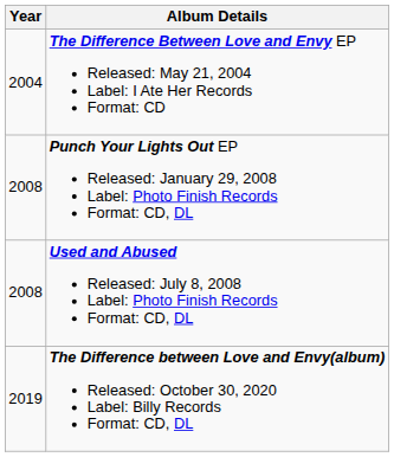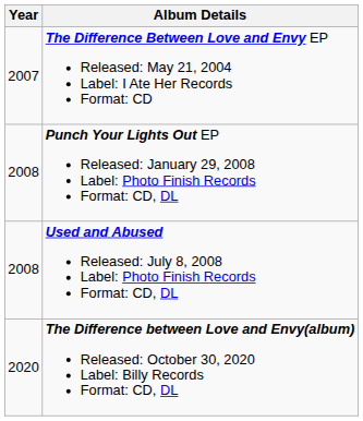 <table class="wikitable">
 <tr>
 <th>Year</th>
 <th>Album Details</th>
 </tr>
 <tr>
-<td>2004</td>
+<td>2007</td>
 <td><strong><em><a href='#'>The Difference Between Love and Envy</a></em></strong> EP<br><ul><li>Released: May 21, 2004</li><li>Label: I Ate Her Records</li><li>Format: CD</li></ul></td>
 </tr>
 <tr>
 <td>2008</td>
 <td><strong><em>Punch Your Lights Out</em></strong> EP<br><ul><li>Released: January 29, 2008</li><li>Label: <a href='#'>Photo Finish Records</a></li><li>Format: CD, <a href='#'>DL</a></li></ul></td>
 </tr>
 <tr>
 <td>2008</td>
 <td><strong><em><a href='#'>Used and Abused</a></em></strong><br><ul><li>Released: July 8, 2008</li><li>Label: <a href='#'>Photo Finish Records</a></li><li>Format: CD, <a href='#'>DL</a></li></ul></td>
 </tr>
 <tr>
-<td>2019</td>
+<td>2020</td>
 <td><strong><em>The Difference between Love and Envy(album)</em></strong><br><ul><li>Released: October 30, 2020</li><li>Label: Billy Records</li><li>Format: CD, <a href='#'>DL</a></li></ul></td>
 </tr>
 </table>
